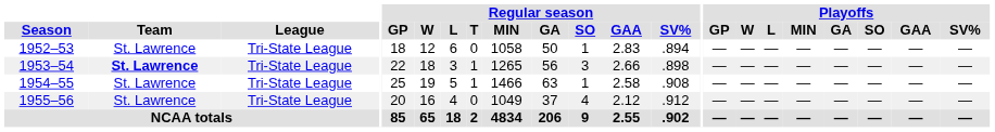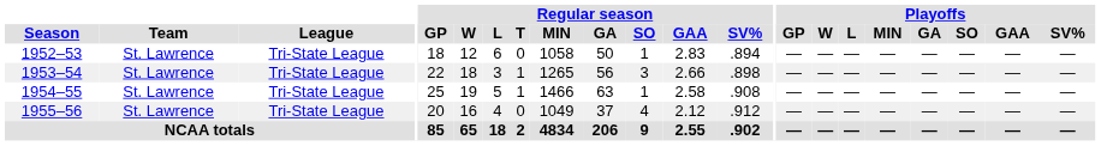 <table border="0" cellpadding="1" cellspacing="0" style="text-align:center; width:70em">
 <tr bgcolor="#e0e0e0">
 <th colspan="3" bgcolor="#ffffff"></th>
 <th rowspan="99" bgcolor="#ffffff"></th>
 <th colspan="9"><a href='#'>Regular season</a></th>
 <th rowspan="99" bgcolor="#ffffff"></th>
 <th colspan="8"><a href='#'>Playoffs</a></th>
 </tr>
 <tr bgcolor="#e0e0e0">
 <th><a href='#'>Season</a></th>
 <th>Team</th>
 <th>League</th>
 <th>GP</th>
 <th>W</th>
 <th>L</th>
 <th>T</th>
 <th>MIN</th>
 <th>GA</th>
 <th><a href='#'>SO</a></th>
 <th><a href='#'>GAA</a></th>
 <th><a href='#'>SV%</a></th>
 <th>GP</th>
 <th>W</th>
 <th>L</th>
 <th>MIN</th>
 <th>GA</th>
 <th>SO</th>
 <th>GAA</th>
 <th>SV%</th>
 </tr>
 <tr>
 <td><a href='#'>1952–53</a></td>
 <td><a href='#'>St. Lawrence</a></td>
 <td><a href='#'>Tri-State League</a></td>
 <td>18</td>
 <td>12</td>
 <td>6</td>
 <td>0</td>
 <td>1058</td>
 <td>50</td>
 <td>1</td>
 <td>2.83</td>
 <td>.894</td>
 <td>—</td>
 <td>—</td>
 <td>—</td>
 <td>—</td>
 <td>—</td>
 <td>—</td>
 <td>—</td>
 <td>—</td>
 </tr>
 <tr bgcolor="f0f0f0">
 <td><a href='#'>1953–54</a></td>
-<td><strong><a href='#'>St. Lawrence</a></strong></td>
+<td><a href='#'>St. Lawrence</a></td>
 <td><a href='#'>Tri-State League</a></td>
 <td>22</td>
 <td>18</td>
 <td>3</td>
 <td>1</td>
 <td>1265</td>
 <td>56</td>
 <td>3</td>
 <td>2.66</td>
 <td>.898</td>
 <td>—</td>
 <td>—</td>
 <td>—</td>
 <td>—</td>
 <td>—</td>
 <td>—</td>
 <td>—</td>
 <td>—</td>
 </tr>
 <tr>
 <td><a href='#'>1954–55</a></td>
 <td><a href='#'>St. Lawrence</a></td>
 <td><a href='#'>Tri-State League</a></td>
 <td>25</td>
 <td>19</td>
 <td>5</td>
 <td>1</td>
 <td>1466</td>
 <td>63</td>
 <td>1</td>
 <td>2.58</td>
 <td>.908</td>
 <td>—</td>
 <td>—</td>
 <td>—</td>
 <td>—</td>
 <td>—</td>
 <td>—</td>
 <td>—</td>
 <td>—</td>
 </tr>
 <tr bgcolor="f0f0f0">
 <td><a href='#'>1955–56</a></td>
 <td><a href='#'>St. Lawrence</a></td>
 <td><a href='#'>Tri-State League</a></td>
 <td>20</td>
 <td>16</td>
 <td>4</td>
 <td>0</td>
 <td>1049</td>
 <td>37</td>
 <td>4</td>
 <td>2.12</td>
 <td>.912</td>
 <td>—</td>
 <td>—</td>
 <td>—</td>
 <td>—</td>
 <td>—</td>
 <td>—</td>
 <td>—</td>
 <td>—</td>
 </tr>
 <tr bgcolor="#e0e0e0">
 <th colspan="3">NCAA totals</th>
 <th>85</th>
 <th>65</th>
 <th>18</th>
 <th>2</th>
 <th>4834</th>
 <th>206</th>
 <th>9</th>
 <th>2.55</th>
 <th>.902</th>
 <th>—</th>
 <th>—</th>
 <th>—</th>
 <th>—</th>
 <th>—</th>
 <th>—</th>
 <th>—</th>
 <th>—</th>
 </tr>
 </table>
